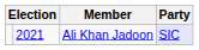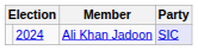 <table class="wikitable">
 <tr>
 <th colspan="2">Election</th>
 <th>Member</th>
 <th>Party</th>
 </tr>
 <tr>
 <td style="background-color: "></td>
-<td><a href='#'>2021</a></td>
+<td><a href='#'>2024</a></td>
 <td><a href='#'>Ali Khan Jadoon</a></td>
 <td style="background: lavender;"><a href='#'>SIC</a></td>
 </tr>
 </table>
